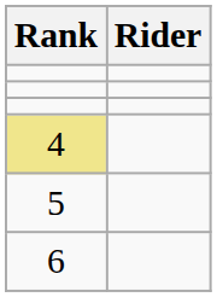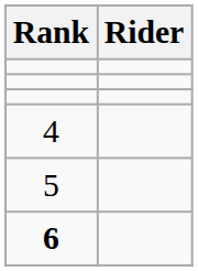 <table class="wikitable" style="font-size:95%" style="width:25em;">
 <tr>
 <th>Rank</th>
 <th>Rider</th>
 </tr>
 <tr>
 <td align=center></td>
 <td></td>
 </tr>
 <tr>
 <td align=center></td>
 <td></td>
 </tr>
 <tr>
 <td align=center></td>
 <td></td>
 </tr>
 <tr>
-<td align=center style="background: khaki;">4</td>
+<td align=center>4</td>
 <td></td>
 </tr>
 <tr>
 <td align=center>5</td>
 <td></td>
 </tr>
 <tr>
-<td align=center>6</td>
+<td align=center><strong>6</strong></td>
 <td></td>
 </tr>
 </table>
